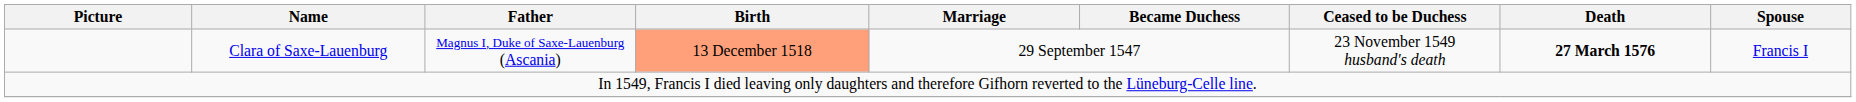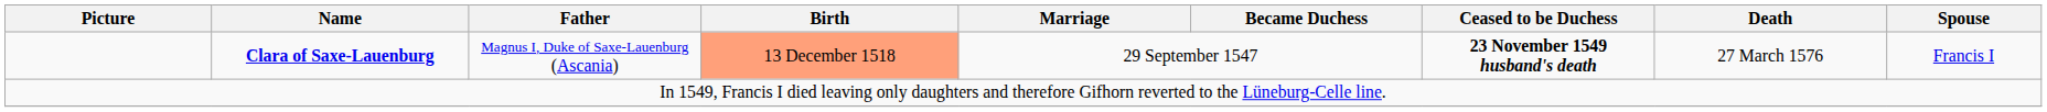 <table width=95% class="wikitable">
 <tr>
 <th width = "8%">Picture</th>
 <th width = "10%">Name</th>
 <th width = "9%">Father</th>
 <th width = "10%">Birth</th>
 <th width = "9%">Marriage</th>
 <th width = "9%">Became Duchess</th>
 <th width = "9%">Ceased to be Duchess</th>
 <th width = "9%">Death</th>
 <th width = "6%">Spouse</th>
 </tr>
 <tr>
 <td align="center"></td>
-<td align="center"><a href='#'>Clara of Saxe-Lauenburg</a></td>
+<td align="center"><strong><a href='#'>Clara of Saxe-Lauenburg</a></strong></td>
 <td align="center"><small><a href='#'>Magnus I, Duke of Saxe-Lauenburg</a></small><br>(<a href='#'>Ascania</a>)</td>
 <td align="center" style="background: lightsalmon;">13 December 1518</td>
 <td align="center" colspan="2">29 September 1547</td>
-<td align="center">23 November 1549<br><em>husband's death</em></td>
-<td align="center"><strong>27 March 1576</strong></td>
+<td align="center"><strong>23 November 1549<br><em>husband's death</em></strong></td>
+<td align="center">27 March 1576</td>
 <td align="center"><a href='#'>Francis I</a></td>
 </tr>
 <tr>
 <td align="center" colspan="9">In 1549, Francis I died leaving only daughters and therefore Gifhorn reverted to the <a href='#'>Lüneburg-Celle line</a>.</td>
 </tr>
 <tr>
 </tr>
 </table>
